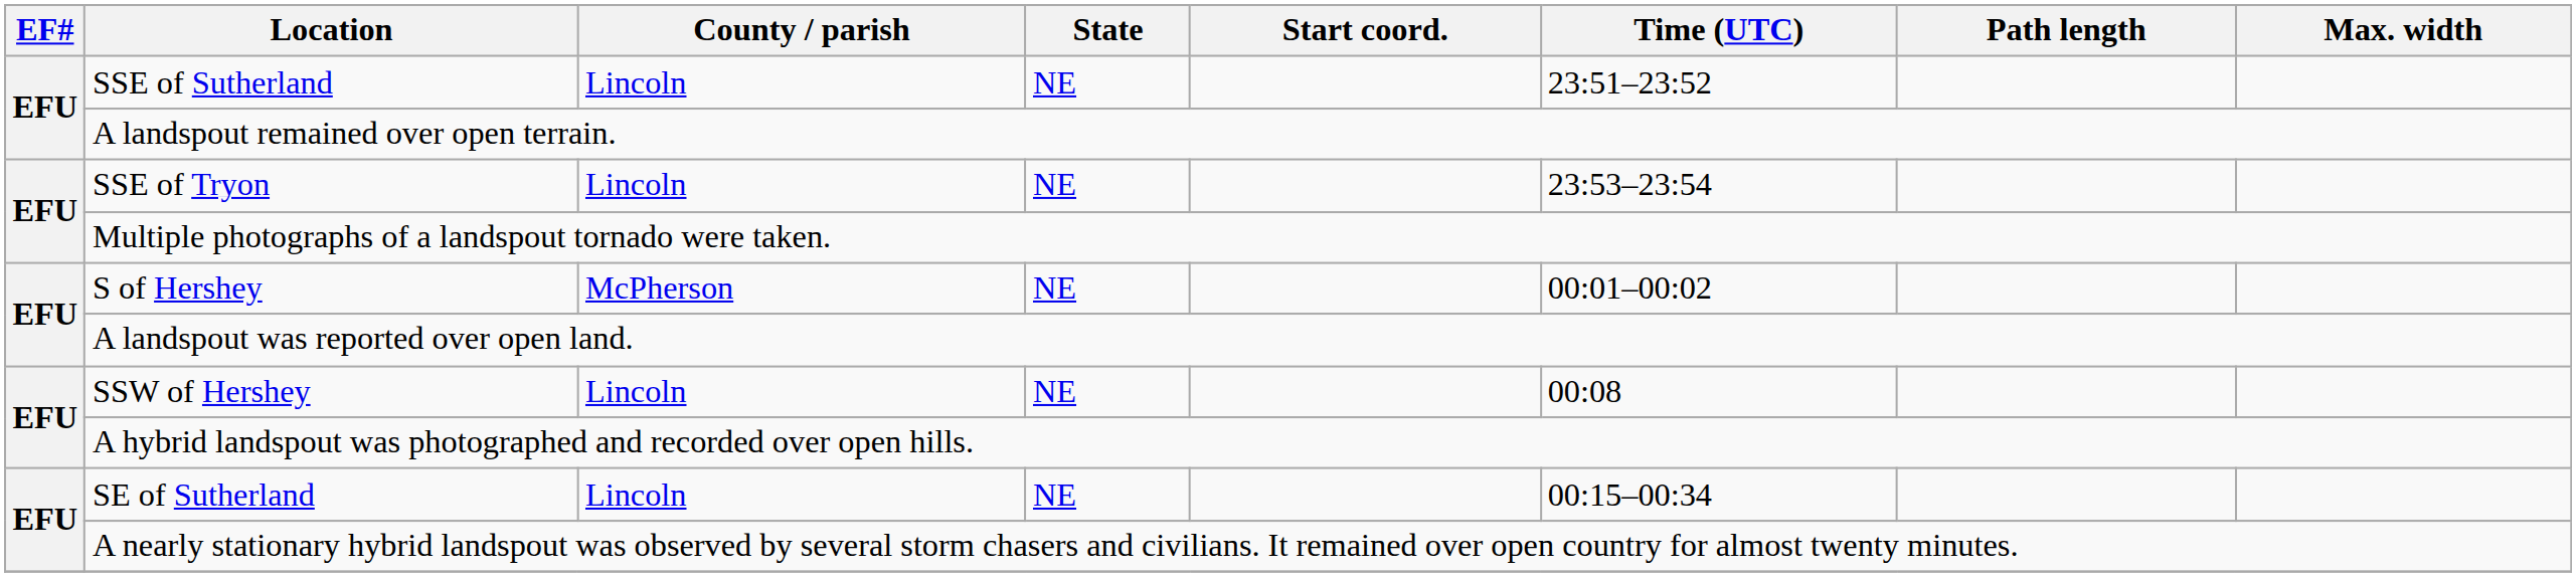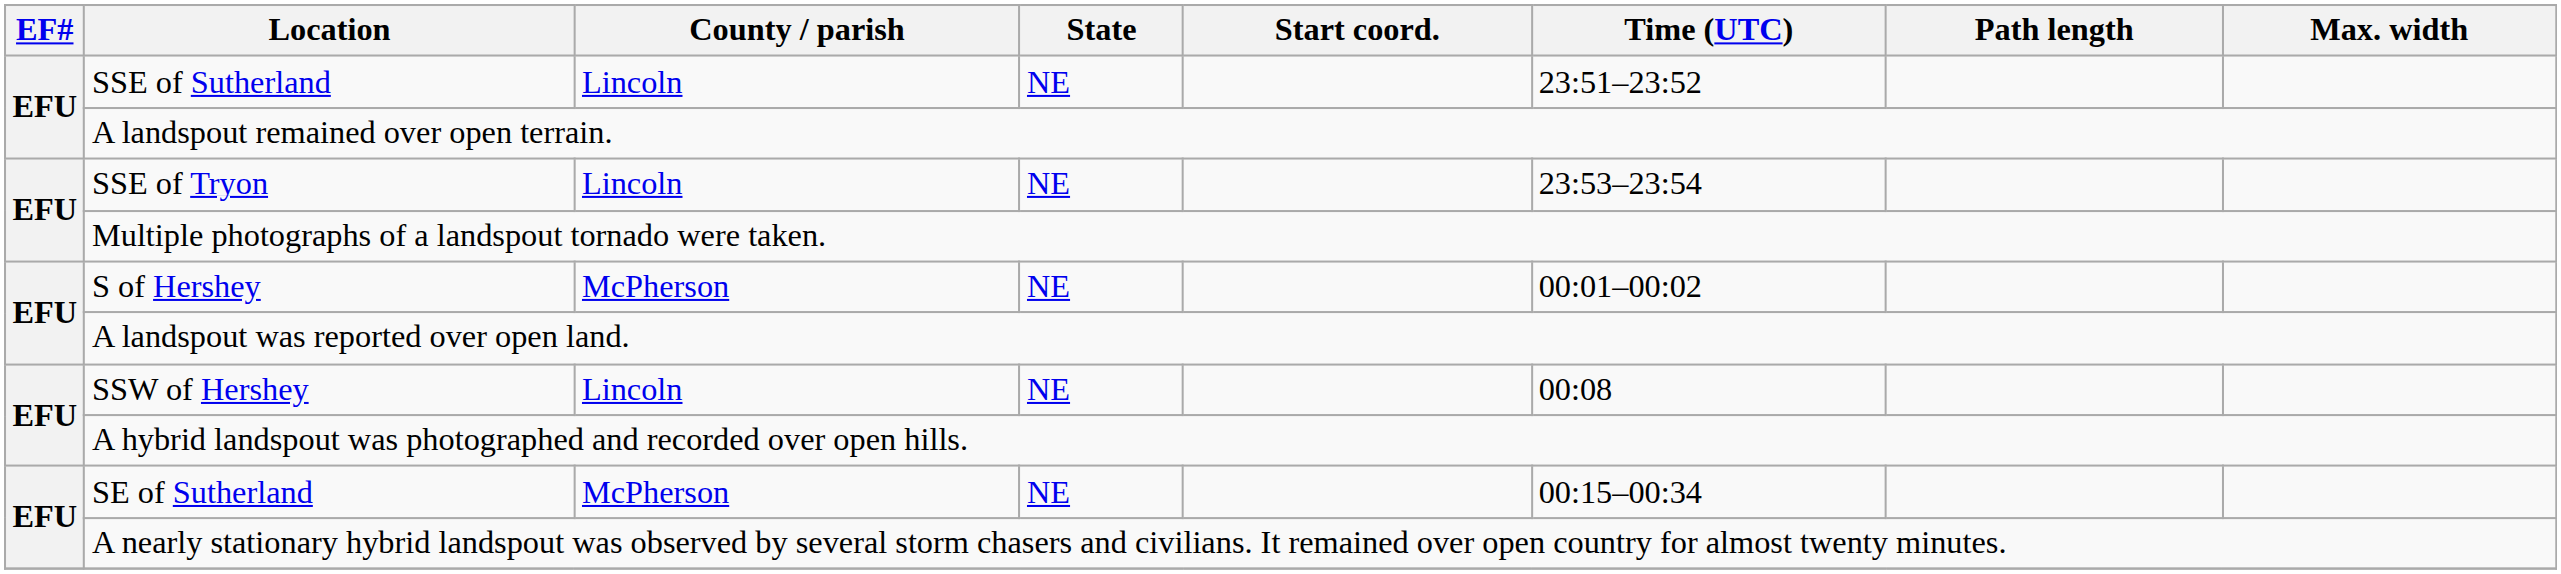 <table class="wikitable sortable" style="width:100%;">
 <tr>
 <th scope="col" width="2%" align="center"><a href='#'>EF#</a></th>
 <th scope="col" align="center" class="unsortable">Location</th>
 <th scope="col" align="center" class="unsortable">County / parish</th>
 <th scope="col" align="center">State</th>
 <th scope="col" align="center">Start coord.</th>
 <th scope="col" align="center">Time (<a href='#'>UTC</a>)</th>
 <th scope="col" align="center">Path length</th>
 <th scope="col" align="center">Max. width</th>
 </tr>
 <tr>
 <th scope="row" rowspan="2" style="background-color:#">EFU</th>
 <td>SSE of <a href='#'>Sutherland</a></td>
 <td><a href='#'>Lincoln</a></td>
 <td><a href='#'>NE</a></td>
 <td></td>
 <td>23:51–23:52</td>
 <td></td>
 <td></td>
 </tr>
 <tr class="expand-child">
 <td colspan="8" border-bottom: 1px solid black;>A landspout remained over open terrain.</td>
 </tr>
 <tr>
 <th scope="row" rowspan="2" style="background-color:#">EFU</th>
 <td>SSE of <a href='#'>Tryon</a></td>
 <td><a href='#'>Lincoln</a></td>
 <td><a href='#'>NE</a></td>
 <td></td>
 <td>23:53–23:54</td>
 <td></td>
 <td></td>
 </tr>
 <tr class="expand-child">
 <td colspan="8" border-bottom: 1px solid black;>Multiple photographs of a landspout tornado were taken.</td>
 </tr>
 <tr>
 <th scope="row" rowspan="2" style="background-color:#">EFU</th>
 <td>S of <a href='#'>Hershey</a></td>
 <td><a href='#'>McPherson</a></td>
 <td><a href='#'>NE</a></td>
 <td></td>
 <td>00:01–00:02</td>
 <td></td>
 <td></td>
 </tr>
 <tr class="expand-child">
 <td colspan="8" border-bottom: 1px solid black;>A landspout was reported over open land.</td>
 </tr>
 <tr>
 <th scope="row" rowspan="2" style="background-color:#">EFU</th>
 <td>SSW of <a href='#'>Hershey</a></td>
 <td><a href='#'>Lincoln</a></td>
 <td><a href='#'>NE</a></td>
 <td></td>
 <td>00:08</td>
 <td></td>
 <td></td>
 </tr>
 <tr class="expand-child">
 <td colspan="8" border-bottom: 1px solid black;>A hybrid landspout was photographed and recorded over open hills.</td>
 </tr>
 <tr>
 <th scope="row" rowspan="2" style="background-color:#">EFU</th>
 <td>SE of <a href='#'>Sutherland</a></td>
-<td><a href='#'>Lincoln</a></td>
+<td><a href='#'>McPherson</a></td>
 <td><a href='#'>NE</a></td>
 <td></td>
 <td>00:15–00:34</td>
 <td></td>
 <td></td>
 </tr>
 <tr class="expand-child">
 <td colspan="8" border-bottom: 1px solid black;>A nearly stationary hybrid landspout was observed by several storm chasers and civilians. It remained over open country for almost twenty minutes.</td>
 </tr>
 <tr>
 </tr>
 </table>
